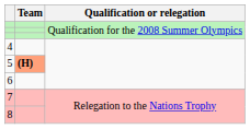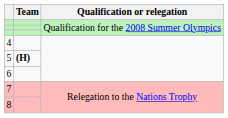 <table class="wikitable" style="text-align: center;">
 <tr>
 <th></th>
 <th>Team</th>
 <th>Qualification or relegation</th>
 </tr>
 <tr bgcolor=bbf3bb>
 <td></td>
 <td align=left></td>
 <td rowspan=3>Qualification for the <a href='#'>2008 Summer Olympics</a></td>
 </tr>
 <tr bgcolor=bbf3bb>
 <td></td>
 <td align=left></td>
 </tr>
 <tr bgcolor=bbf3bb>
 <td></td>
 <td align=left></td>
 </tr>
 <tr>
 <td>4</td>
 <td align=left></td>
 <td rowspan=3></td>
 </tr>
 <tr>
 <td>5</td>
-<td align=left style="background: lightsalmon;"> <strong>(H)</strong></td>
+<td align=left> <strong>(H)</strong></td>
 </tr>
 <tr>
 <td>6</td>
 <td align=left></td>
 </tr>
 <tr bgcolor=ffbbbb>
 <td>7</td>
 <td align=left></td>
 <td rowspan=2>Relegation to the <a href='#'>Nations Trophy</a></td>
 </tr>
 <tr bgcolor=ffbbbb>
 <td>8</td>
 <td align=left></td>
 </tr>
 </table>
